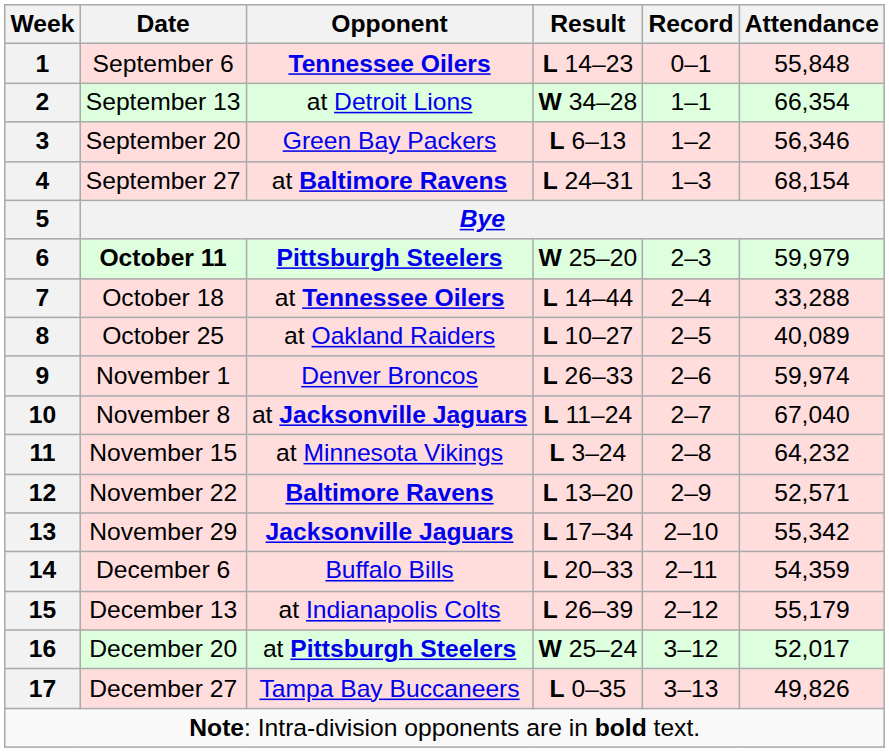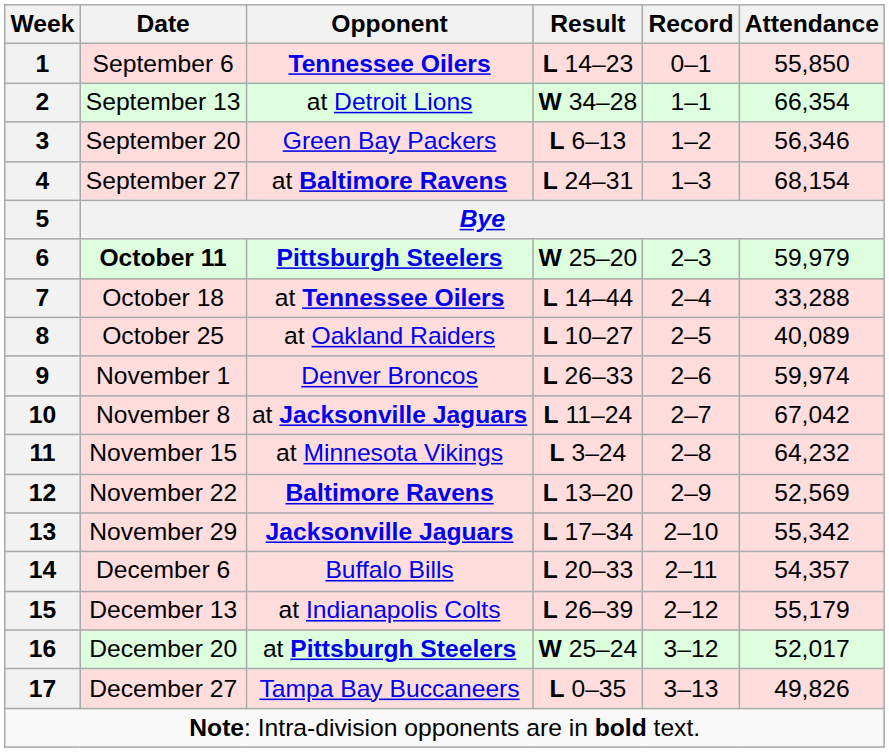 <table class="wikitable" style="text-align:center">
 <tr>
 <th>Week</th>
 <th>Date</th>
 <th>Opponent</th>
 <th>Result</th>
 <th>Record</th>
 <th>Attendance</th>
 </tr>
 <tr style="background:#ffdddd">
 <th>1</th>
 <td>September 6</td>
 <td><strong><a href='#'>Tennessee Oilers</a></strong></td>
 <td><strong>L</strong> 14–23</td>
 <td>0–1</td>
-<td>55,848</td>
+<td>55,850</td>
 </tr>
 <tr style="background:#ddffdd">
 <th>2</th>
 <td>September 13</td>
 <td>at <a href='#'>Detroit Lions</a></td>
 <td><strong>W</strong> 34–28</td>
 <td>1–1</td>
 <td>66,354</td>
 </tr>
 <tr style="background:#ffdddd">
 <th>3</th>
 <td>September 20</td>
 <td><a href='#'>Green Bay Packers</a></td>
 <td><strong>L</strong> 6–13</td>
 <td>1–2</td>
 <td>56,346</td>
 </tr>
 <tr style="background:#ffdddd">
 <th>4</th>
 <td>September 27</td>
 <td>at <strong><a href='#'>Baltimore Ravens</a></strong></td>
 <td><strong>L</strong> 24–31</td>
 <td>1–3</td>
 <td>68,154</td>
 </tr>
 <tr>
 <th>5</th>
 <th colspan="5"><em><a href='#'>Bye</a></em></th>
 </tr>
 <tr style="background:#ddffdd">
 <th>6</th>
 <td><strong>October 11</strong></td>
 <td><strong><a href='#'>Pittsburgh Steelers</a></strong></td>
 <td><strong>W</strong> 25–20</td>
 <td>2–3</td>
 <td>59,979</td>
 </tr>
 <tr style="background:#ffdddd">
 <th>7</th>
 <td>October 18</td>
 <td>at <strong><a href='#'>Tennessee Oilers</a></strong></td>
 <td><strong>L</strong> 14–44</td>
 <td>2–4</td>
 <td>33,288</td>
 </tr>
 <tr style="background:#ffdddd">
 <th>8</th>
 <td>October 25</td>
 <td>at <a href='#'>Oakland Raiders</a></td>
 <td><strong>L</strong> 10–27</td>
 <td>2–5</td>
 <td>40,089</td>
 </tr>
 <tr style="background:#ffdddd">
 <th>9</th>
 <td>November 1</td>
 <td><a href='#'>Denver Broncos</a></td>
 <td><strong>L</strong> 26–33</td>
 <td>2–6</td>
 <td>59,974</td>
 </tr>
 <tr style="background:#ffdddd">
 <th>10</th>
 <td>November 8</td>
 <td>at <strong><a href='#'>Jacksonville Jaguars</a></strong></td>
 <td><strong>L</strong> 11–24</td>
 <td>2–7</td>
-<td>67,040</td>
+<td>67,042</td>
 </tr>
 <tr style="background:#ffdddd">
 <th>11</th>
 <td>November 15</td>
 <td>at <a href='#'>Minnesota Vikings</a></td>
 <td><strong>L</strong> 3–24</td>
 <td>2–8</td>
 <td>64,232</td>
 </tr>
 <tr style="background:#ffdddd">
 <th>12</th>
 <td>November 22</td>
 <td><strong><a href='#'>Baltimore Ravens</a></strong></td>
 <td><strong>L</strong> 13–20</td>
 <td>2–9</td>
-<td>52,571</td>
+<td>52,569</td>
 </tr>
 <tr style="background:#ffdddd">
 <th>13</th>
 <td>November 29</td>
 <td><strong><a href='#'>Jacksonville Jaguars</a></strong></td>
 <td><strong>L</strong> 17–34</td>
 <td>2–10</td>
 <td>55,342</td>
 </tr>
 <tr style="background:#ffdddd">
 <th>14</th>
 <td>December 6</td>
 <td><a href='#'>Buffalo Bills</a></td>
 <td><strong>L</strong> 20–33</td>
 <td>2–11</td>
-<td>54,359</td>
+<td>54,357</td>
 </tr>
 <tr style="background:#ffdddd">
 <th>15</th>
 <td>December 13</td>
 <td>at <a href='#'>Indianapolis Colts</a></td>
 <td><strong>L</strong> 26–39</td>
 <td>2–12</td>
 <td>55,179</td>
 </tr>
 <tr style="background:#ddffdd">
 <th>16</th>
 <td>December 20</td>
 <td>at <strong><a href='#'>Pittsburgh Steelers</a></strong></td>
 <td><strong>W</strong> 25–24</td>
 <td>3–12</td>
 <td>52,017</td>
 </tr>
 <tr style="background:#ffdddd">
 <th>17</th>
 <td>December 27</td>
 <td><a href='#'>Tampa Bay Buccaneers</a></td>
 <td><strong>L</strong> 0–35</td>
 <td>3–13</td>
 <td>49,826</td>
 </tr>
 <tr>
 <td colspan="6"><strong>Note</strong>: Intra-division opponents are in <strong>bold</strong> text.</td>
 </tr>
 </table>
